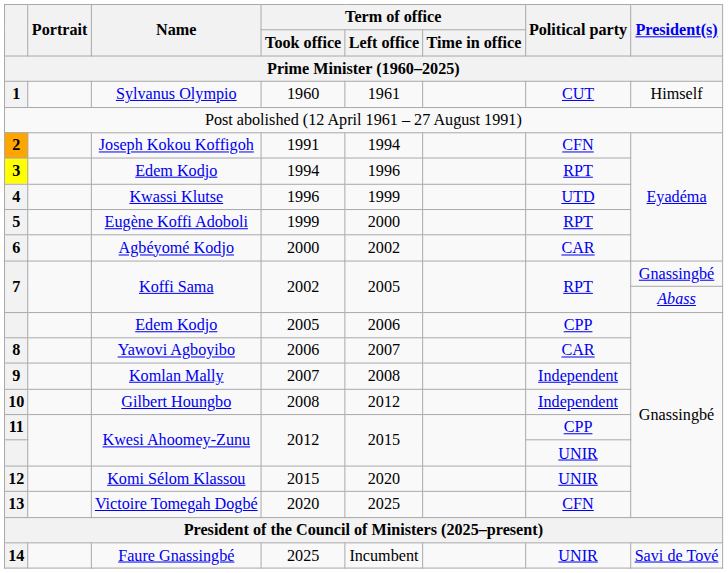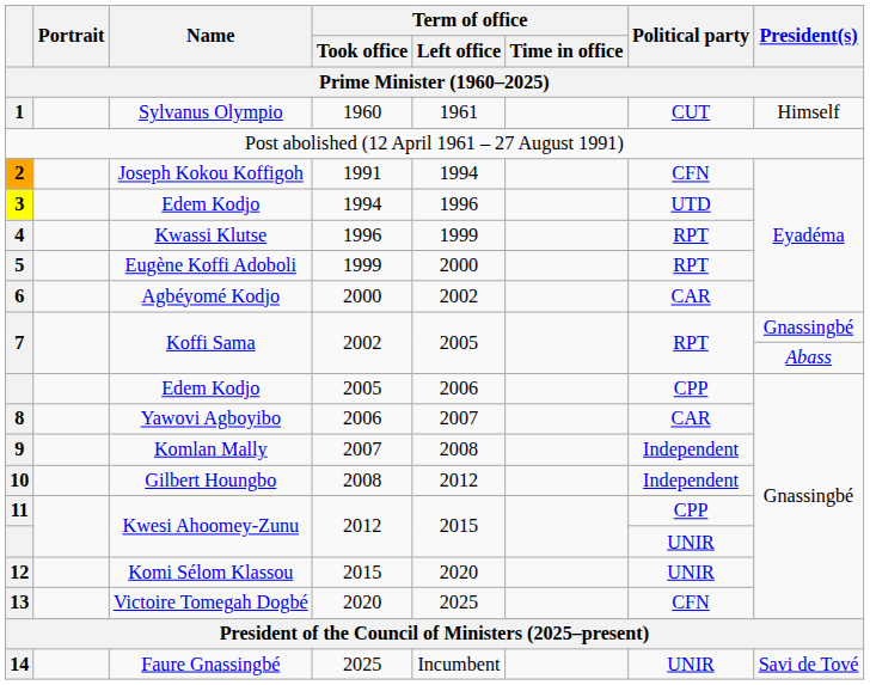 <table class="wikitable" style="text-align:center">
 <tr>
 <th rowspan="2"></th>
 <th rowspan="2">Portrait</th>
 <th rowspan="2">Name<br></th>
 <th colspan="3">Term of office</th>
 <th rowspan="2">Political party</th>
 <th rowspan="2"><a href='#'>President(s)</a></th>
 </tr>
 <tr>
 <th>Took office</th>
 <th>Left office</th>
 <th>Time in office</th>
 </tr>
 <tr>
 <th colspan=8>Prime Minister (1960–2025)</th>
 </tr>
 <tr>
 <th style="background:">1</th>
 <td></td>
 <td><a href='#'>Sylvanus Olympio</a><br></td>
 <td> 1960</td>
 <td> 1961</td>
 <td></td>
 <td><a href='#'>CUT</a></td>
 <td>Himself</td>
 </tr>
 <tr>
 <td colspan="8">Post abolished (12 April 1961 – 27 August 1991)</td>
 </tr>
 <tr>
 <th style="background:Orange; color:black;">2</th>
 <td></td>
 <td><a href='#'>Joseph Kokou Koffigoh</a><br></td>
 <td> 1991</td>
 <td> 1994</td>
 <td></td>
 <td><a href='#'>CFN</a></td>
 <td rowspan=6><a href='#'>Eyadéma</a></td>
 </tr>
 <tr>
 <th style="background:Yellow; color:black;">3</th>
 <td></td>
 <td><a href='#'>Edem Kodjo</a><br></td>
 <td> 1994</td>
 <td> 1996</td>
 <td></td>
-<td><a href='#'>RPT</a></td>
+<td><a href='#'>UTD</a></td>
 </tr>
 <tr>
 <th style="background:">4</th>
 <td></td>
 <td><a href='#'>Kwassi Klutse</a><br></td>
 <td> 1996</td>
 <td> 1999</td>
 <td></td>
-<td><a href='#'>UTD</a></td>
+<td><a href='#'>RPT</a></td>
 </tr>
 <tr>
 <th style="background:">5</th>
 <td></td>
 <td><a href='#'>Eugène Koffi Adoboli</a><br></td>
 <td> 1999</td>
 <td> 2000</td>
 <td></td>
 <td><a href='#'>RPT</a></td>
 </tr>
 <tr>
 <th style="background:">6</th>
 <td></td>
 <td><a href='#'>Agbéyomé Kodjo</a><br></td>
 <td> 2000</td>
 <td> 2002</td>
 <td></td>
 <td><a href='#'>CAR</a></td>
 </tr>
 <tr>
 <th rowspan=4 style="background:">7</th>
 <td rowspan=4></td>
 <td rowspan=4><a href='#'>Koffi Sama</a><br></td>
 <td rowspan=4> 2002</td>
 <td rowspan=4> 2005</td>
 <td rowspan=4></td>
 <td rowspan=4><a href='#'>RPT</a></td>
 </tr>
 <tr>
 <td><a href='#'>Gnassingbé</a></td>
 </tr>
 <tr>
 <td><em><a href='#'>Abass</a></em></td>
 </tr>
 <tr>
 <td rowspan=9>Gnassingbé</td>
 </tr>
 <tr>
 <th style="background:"></th>
 <td></td>
 <td><a href='#'>Edem Kodjo</a><br></td>
 <td> 2005</td>
 <td> 2006</td>
 <td></td>
 <td><a href='#'>CPP</a></td>
 </tr>
 <tr>
 <th style="background:">8</th>
 <td></td>
 <td><a href='#'>Yawovi Agboyibo</a><br></td>
 <td> 2006</td>
 <td> 2007</td>
 <td></td>
 <td><a href='#'>CAR</a></td>
 </tr>
 <tr>
 <th style="background:">9</th>
 <td></td>
 <td><a href='#'>Komlan Mally</a><br></td>
 <td> 2007</td>
 <td> 2008</td>
 <td></td>
 <td><a href='#'>Independent</a></td>
 </tr>
 <tr>
 <th style="background:">10</th>
 <td></td>
 <td><a href='#'>Gilbert Houngbo</a><br></td>
 <td> 2008</td>
 <td> 2012</td>
 <td></td>
 <td><a href='#'>Independent</a></td>
 </tr>
 <tr>
 <th style="background:">11</th>
 <td rowspan=2></td>
 <td rowspan=2><a href='#'>Kwesi Ahoomey-Zunu</a><br></td>
 <td rowspan=2> 2012</td>
 <td rowspan=2> 2015</td>
 <td rowspan=2></td>
 <td><a href='#'>CPP</a><br></td>
 </tr>
 <tr>
 <th style="background:"></th>
 <td><a href='#'>UNIR</a></td>
 </tr>
 <tr>
 <th style="background:">12</th>
 <td></td>
 <td><a href='#'>Komi Sélom Klassou</a><br></td>
 <td> 2015</td>
 <td> 2020</td>
 <td></td>
 <td><a href='#'>UNIR</a></td>
 </tr>
 <tr>
 <th style="background:">13</th>
 <td></td>
 <td><a href='#'>Victoire Tomegah Dogbé</a><br></td>
 <td> 2020</td>
 <td> 2025</td>
 <td></td>
 <td><a href='#'>CFN</a></td>
 </tr>
 <tr>
 <th colspan=8>President of the Council of Ministers (2025–present)</th>
 </tr>
 <tr>
 <th style="background:">14</th>
 <td></td>
 <td><a href='#'>Faure Gnassingbé</a><br></td>
 <td> 2025</td>
 <td>Incumbent</td>
 <td></td>
 <td><a href='#'>UNIR</a></td>
 <td><a href='#'>Savi de Tové</a></td>
 </tr>
 </table>
